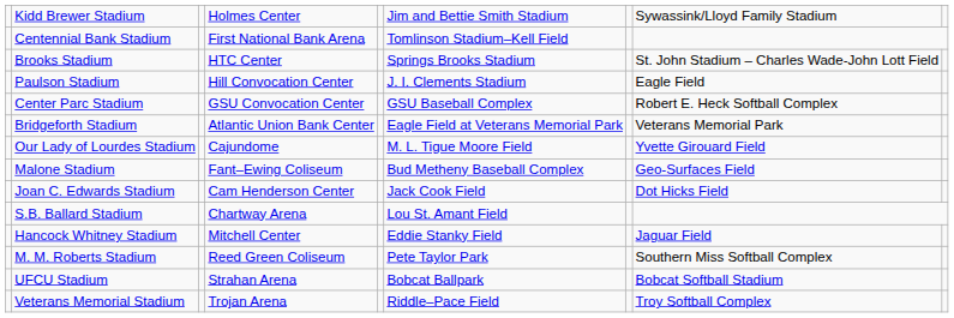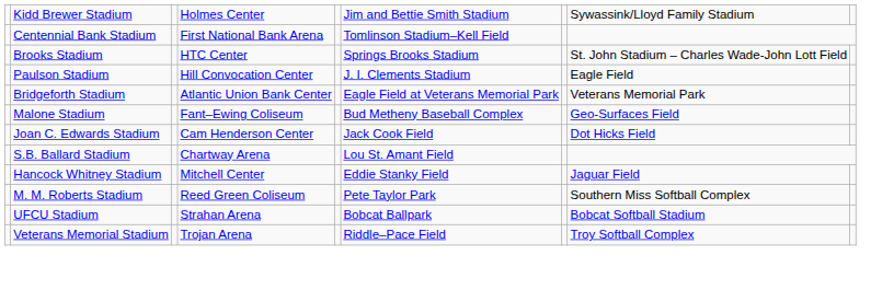 <table class="wikitable sortable">
 <tr>
 <td><a href='#'></a></td>
 <td><a href='#'>Kidd Brewer Stadium</a></td>
 <td></td>
 <td><a href='#'>Holmes Center</a></td>
 <td></td>
 <td><a href='#'>Jim and Bettie Smith Stadium</a></td>
 <td></td>
 <td>Sywassink/Lloyd Family Stadium</td>
 <td></td>
 </tr>
 <tr>
 <td><a href='#'></a></td>
 <td><a href='#'>Centennial Bank Stadium</a></td>
 <td></td>
 <td><a href='#'>First National Bank Arena</a></td>
 <td></td>
 <td><a href='#'>Tomlinson Stadium–Kell Field</a></td>
 <td></td>
 <td colspan=2></td>
 </tr>
 <tr>
 <td><a href='#'></a></td>
 <td><a href='#'>Brooks Stadium</a></td>
 <td></td>
 <td><a href='#'>HTC Center</a></td>
 <td></td>
 <td><a href='#'>Springs Brooks Stadium</a></td>
 <td></td>
 <td>St. John Stadium – Charles Wade-John Lott Field</td>
 <td></td>
 </tr>
 <tr>
 <td><a href='#'></a></td>
 <td><a href='#'>Paulson Stadium</a></td>
 <td></td>
 <td><a href='#'>Hill Convocation Center</a></td>
 <td></td>
 <td><a href='#'>J. I. Clements Stadium</a></td>
 <td></td>
 <td>Eagle Field</td>
 <td></td>
 </tr>
 <tr>
 <td><a href='#'></a></td>
-<td><a href='#'>Center Parc Stadium</a></td>
-<td></td>
-<td><a href='#'>GSU Convocation Center</a></td>
-<td></td>
-<td><a href='#'>GSU Baseball Complex</a></td>
-<td></td>
-<td>Robert E. Heck Softball Complex</td>
-<td></td>
-</tr>
-<tr>
-<td><a href='#'></a></td>
 <td><a href='#'>Bridgeforth Stadium</a></td>
 <td></td>
 <td><a href='#'>Atlantic Union Bank Center</a></td>
 <td></td>
 <td><a href='#'>Eagle Field at Veterans Memorial Park</a></td>
 <td></td>
 <td>Veterans Memorial Park</td>
-<td></td>
-</tr>
-<tr>
-<td><a href='#'></a></td>
-<td><a href='#'>Our Lady of Lourdes Stadium</a></td>
-<td></td>
-<td><a href='#'>Cajundome</a></td>
-<td></td>
-<td><a href='#'>M. L. Tigue Moore Field</a></td>
-<td></td>
-<td><a href='#'>Yvette Girouard Field</a></td>
 <td></td>
 </tr>
 <tr>
 <td><a href='#'></a></td>
 <td><a href='#'>Malone Stadium</a></td>
 <td></td>
 <td><a href='#'>Fant–Ewing Coliseum</a></td>
 <td></td>
 <td><a href='#'>Bud Metheny Baseball Complex</a></td>
 <td></td>
 <td><a href='#'>Geo-Surfaces Field</a></td>
 <td></td>
 </tr>
 <tr>
 <td><a href='#'></a></td>
 <td><a href='#'>Joan C. Edwards Stadium</a></td>
 <td></td>
 <td><a href='#'>Cam Henderson Center</a></td>
 <td></td>
 <td><a href='#'>Jack Cook Field</a></td>
 <td></td>
 <td><a href='#'>Dot Hicks Field</a></td>
 <td></td>
 </tr>
 <tr>
 <td><a href='#'></a></td>
 <td><a href='#'>S.B. Ballard Stadium</a></td>
 <td></td>
 <td><a href='#'>Chartway Arena</a></td>
 <td></td>
 <td><a href='#'>Lou St. Amant Field</a></td>
 <td></td>
 <td colspan=2></td>
 </tr>
 <tr>
 <td><a href='#'></a></td>
 <td><a href='#'>Hancock Whitney Stadium</a></td>
 <td></td>
 <td><a href='#'>Mitchell Center</a></td>
 <td></td>
 <td><a href='#'>Eddie Stanky Field</a></td>
 <td></td>
 <td><a href='#'>Jaguar Field</a></td>
 <td></td>
 </tr>
 <tr>
 <td><a href='#'></a></td>
 <td><a href='#'>M. M. Roberts Stadium</a></td>
 <td></td>
 <td><a href='#'>Reed Green Coliseum</a></td>
 <td></td>
 <td><a href='#'>Pete Taylor Park</a></td>
 <td></td>
 <td>Southern Miss Softball Complex</td>
 <td></td>
 </tr>
 <tr>
 <td><a href='#'></a></td>
 <td><a href='#'>UFCU Stadium</a></td>
 <td></td>
 <td><a href='#'>Strahan Arena</a></td>
 <td></td>
 <td><a href='#'>Bobcat Ballpark</a></td>
 <td></td>
 <td><a href='#'>Bobcat Softball Stadium</a></td>
 <td></td>
 </tr>
 <tr>
 <td><a href='#'></a></td>
 <td><a href='#'>Veterans Memorial Stadium</a></td>
 <td></td>
 <td><a href='#'>Trojan Arena</a></td>
 <td></td>
 <td><a href='#'>Riddle–Pace Field</a></td>
 <td></td>
 <td><a href='#'>Troy Softball Complex</a></td>
 <td></td>
 </tr>
 </table>
